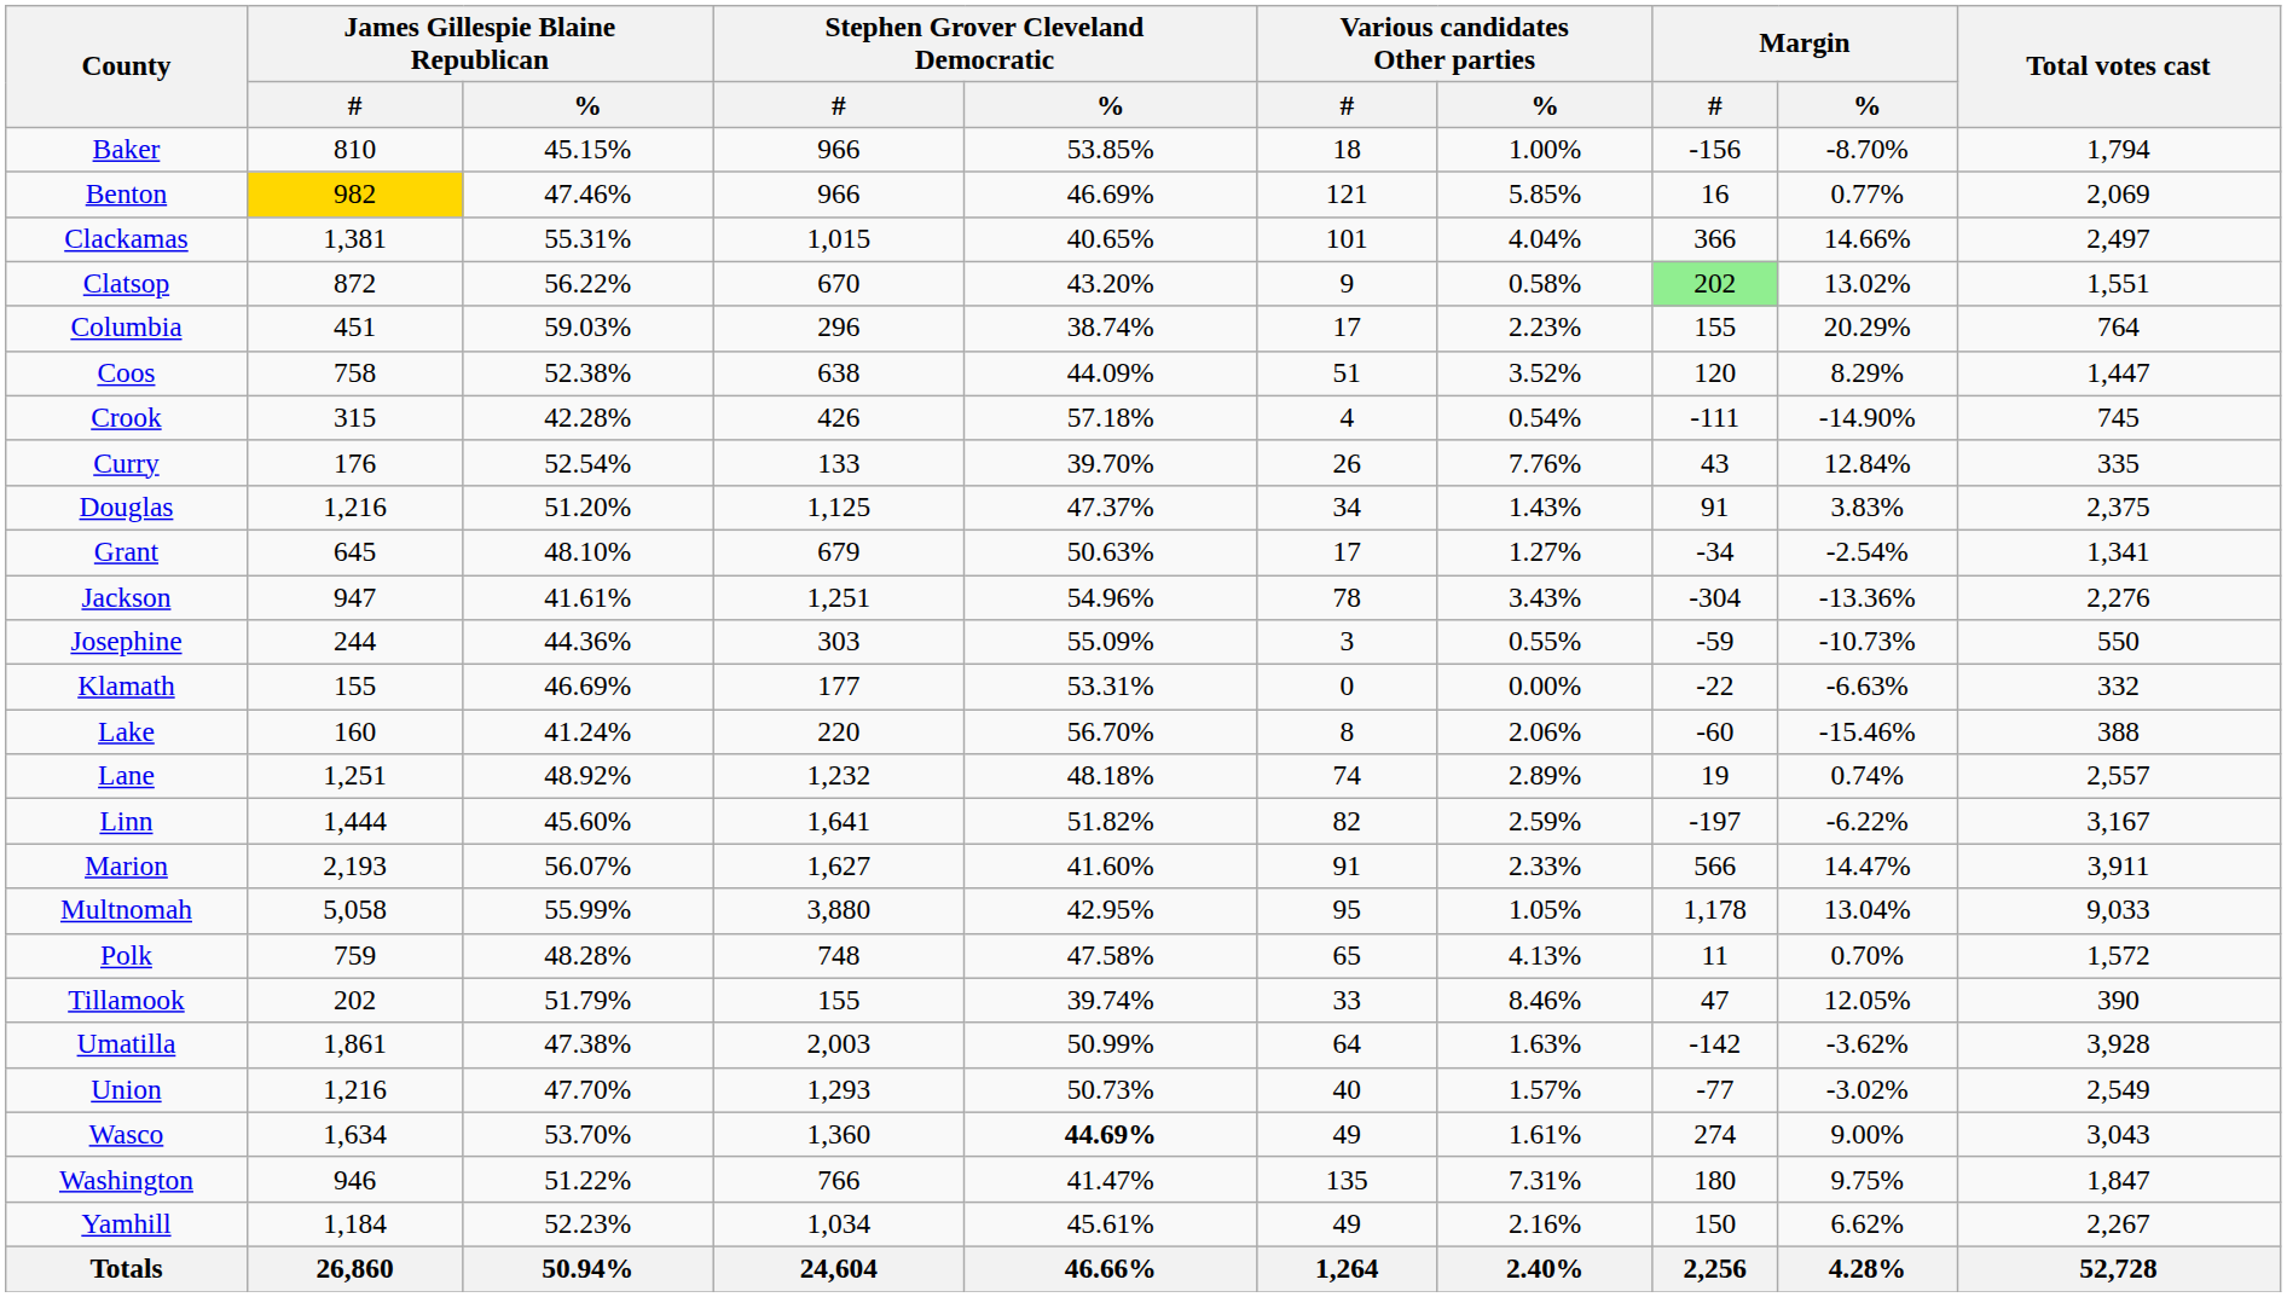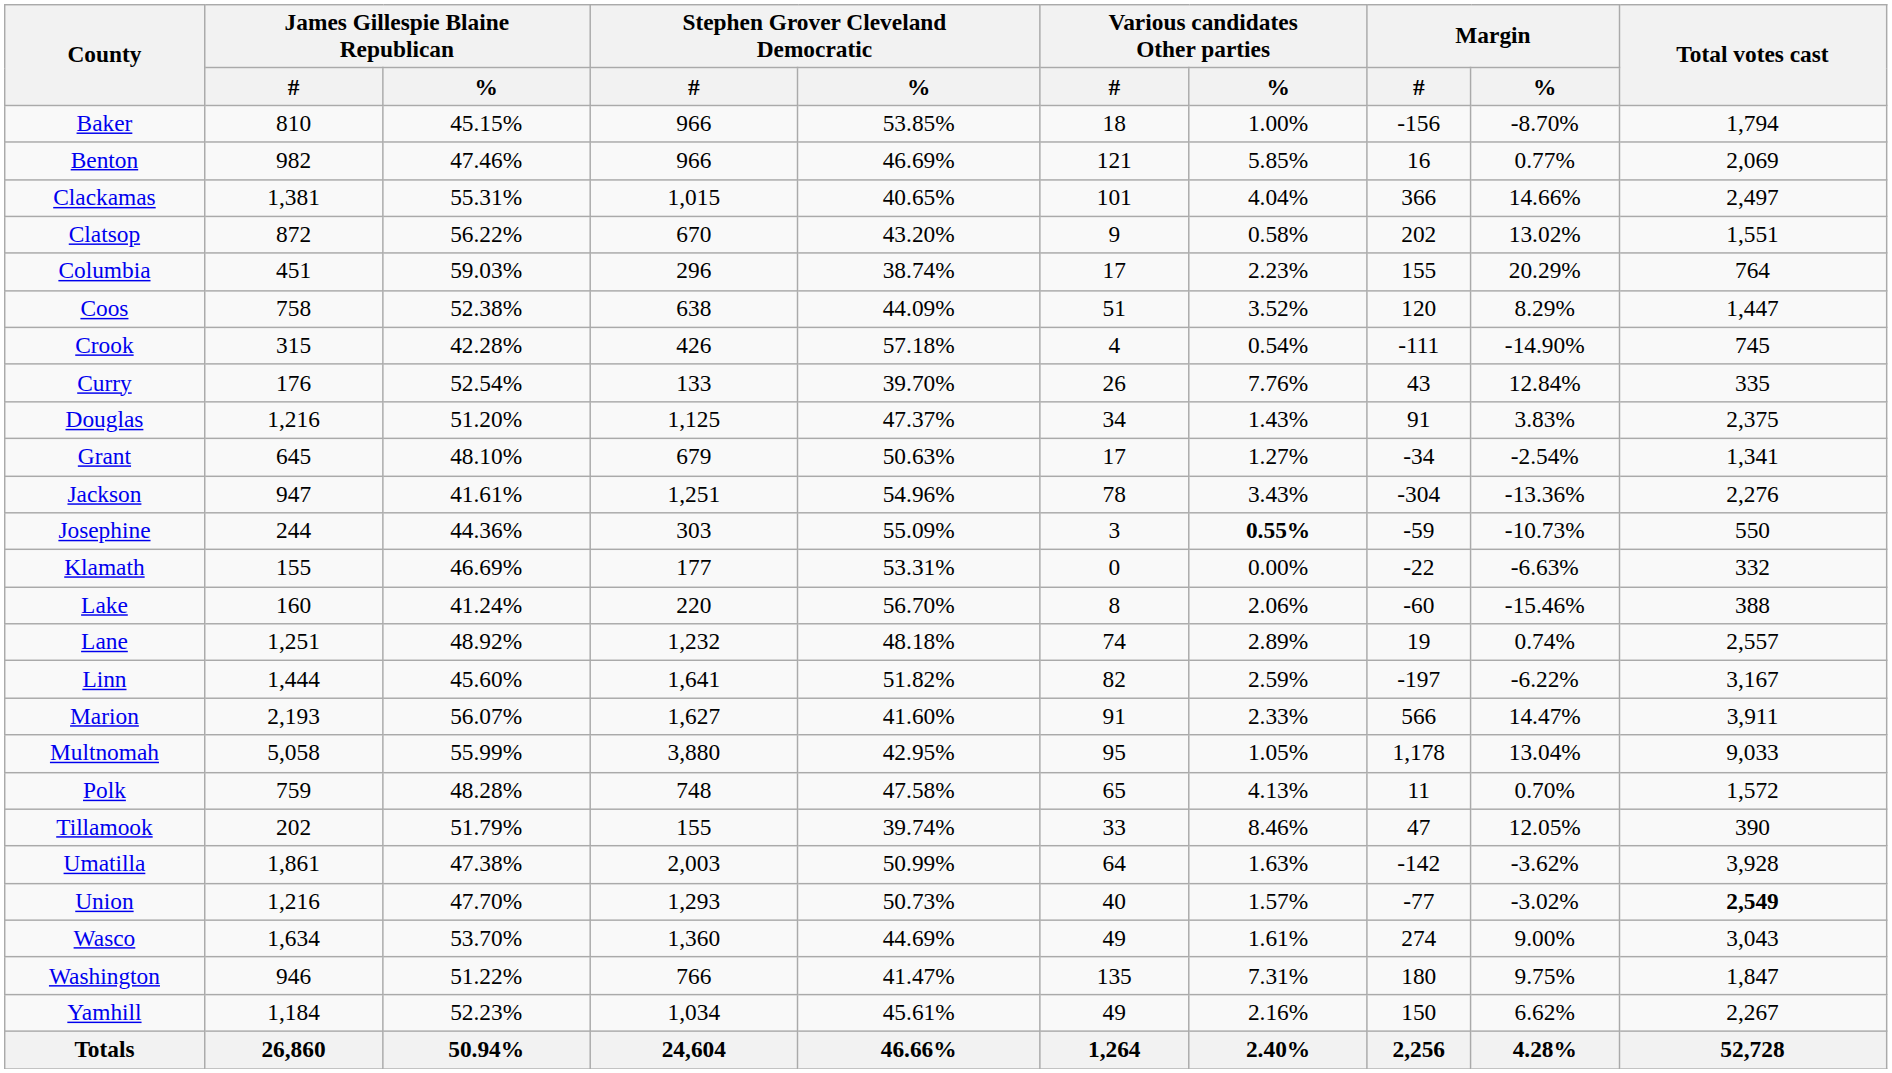 <table width="65%"  class="wikitable sortable" style="text-align:center">
 <tr>
 <th colspan="1" rowspan="2">County</th>
 <th style="text-align:center;" colspan="2">James Gillespie Blaine<br>Republican</th>
 <th style="text-align:center;" colspan="2">Stephen Grover Cleveland<br>Democratic</th>
 <th style="text-align:center;" colspan="2">Various candidates<br>Other parties</th>
 <th style="text-align:center;" colspan="2">Margin</th>
 <th colspan="1" rowspan="2" style="text-align:center;">Total votes cast</th>
 </tr>
 <tr>
 <th style="text-align:center;" data-sort-type="number">#</th>
 <th style="text-align:center;" data-sort-type="number">%</th>
 <th style="text-align:center;" data-sort-type="number">#</th>
 <th style="text-align:center;" data-sort-type="number">%</th>
 <th style="text-align:center;" data-sort-type="number">#</th>
 <th style="text-align:center;" data-sort-type="number">%</th>
 <th style="text-align:center;" data-sort-type="number">#</th>
 <th style="text-align:center;" data-sort-type="number">%</th>
 </tr>
 <tr style="text-align:center;">
 <td><a href='#'>Baker</a></td>
 <td>810</td>
 <td>45.15%</td>
 <td>966</td>
 <td>53.85%</td>
 <td>18</td>
 <td>1.00%</td>
 <td>-156</td>
 <td>-8.70%</td>
 <td>1,794</td>
 </tr>
 <tr style="text-align:center;">
 <td><a href='#'>Benton</a></td>
-<td style="background: gold;">982</td>
+<td>982</td>
 <td>47.46%</td>
 <td>966</td>
 <td>46.69%</td>
 <td>121</td>
 <td>5.85%</td>
 <td>16</td>
 <td>0.77%</td>
 <td>2,069</td>
 </tr>
 <tr style="text-align:center;">
 <td><a href='#'>Clackamas</a></td>
 <td>1,381</td>
 <td>55.31%</td>
 <td>1,015</td>
 <td>40.65%</td>
 <td>101</td>
 <td>4.04%</td>
 <td>366</td>
 <td>14.66%</td>
 <td>2,497</td>
 </tr>
 <tr style="text-align:center;">
 <td><a href='#'>Clatsop</a></td>
 <td>872</td>
 <td>56.22%</td>
 <td>670</td>
 <td>43.20%</td>
 <td>9</td>
 <td>0.58%</td>
-<td style="background: lightgreen;">202</td>
+<td>202</td>
 <td>13.02%</td>
 <td>1,551</td>
 </tr>
 <tr style="text-align:center;">
 <td><a href='#'>Columbia</a></td>
 <td>451</td>
 <td>59.03%</td>
 <td>296</td>
 <td>38.74%</td>
 <td>17</td>
 <td>2.23%</td>
 <td>155</td>
 <td>20.29%</td>
 <td>764</td>
 </tr>
 <tr style="text-align:center;">
 <td><a href='#'>Coos</a></td>
 <td>758</td>
 <td>52.38%</td>
 <td>638</td>
 <td>44.09%</td>
 <td>51</td>
 <td>3.52%</td>
 <td>120</td>
 <td>8.29%</td>
 <td>1,447</td>
 </tr>
 <tr style="text-align:center;">
 <td><a href='#'>Crook</a></td>
 <td>315</td>
 <td>42.28%</td>
 <td>426</td>
 <td>57.18%</td>
 <td>4</td>
 <td>0.54%</td>
 <td>-111</td>
 <td>-14.90%</td>
 <td>745</td>
 </tr>
 <tr style="text-align:center;">
 <td><a href='#'>Curry</a></td>
 <td>176</td>
 <td>52.54%</td>
 <td>133</td>
 <td>39.70%</td>
 <td>26</td>
 <td>7.76%</td>
 <td>43</td>
 <td>12.84%</td>
 <td>335</td>
 </tr>
 <tr style="text-align:center;">
 <td><a href='#'>Douglas</a></td>
 <td>1,216</td>
 <td>51.20%</td>
 <td>1,125</td>
 <td>47.37%</td>
 <td>34</td>
 <td>1.43%</td>
 <td>91</td>
 <td>3.83%</td>
 <td>2,375</td>
 </tr>
 <tr style="text-align:center;">
 <td><a href='#'>Grant</a></td>
 <td>645</td>
 <td>48.10%</td>
 <td>679</td>
 <td>50.63%</td>
 <td>17</td>
 <td>1.27%</td>
 <td>-34</td>
 <td>-2.54%</td>
 <td>1,341</td>
 </tr>
 <tr style="text-align:center;">
 <td><a href='#'>Jackson</a></td>
 <td>947</td>
 <td>41.61%</td>
 <td>1,251</td>
 <td>54.96%</td>
 <td>78</td>
 <td>3.43%</td>
 <td>-304</td>
 <td>-13.36%</td>
 <td>2,276</td>
 </tr>
 <tr style="text-align:center;">
 <td><a href='#'>Josephine</a></td>
 <td>244</td>
 <td>44.36%</td>
 <td>303</td>
 <td>55.09%</td>
 <td>3</td>
-<td>0.55%</td>
+<td><strong>0.55%</strong></td>
 <td>-59</td>
 <td>-10.73%</td>
 <td>550</td>
 </tr>
 <tr style="text-align:center;">
 <td><a href='#'>Klamath</a></td>
 <td>155</td>
 <td>46.69%</td>
 <td>177</td>
 <td>53.31%</td>
 <td>0</td>
 <td>0.00%</td>
 <td>-22</td>
 <td>-6.63%</td>
 <td>332</td>
 </tr>
 <tr style="text-align:center;">
 <td><a href='#'>Lake</a></td>
 <td>160</td>
 <td>41.24%</td>
 <td>220</td>
 <td>56.70%</td>
 <td>8</td>
 <td>2.06%</td>
 <td>-60</td>
 <td>-15.46%</td>
 <td>388</td>
 </tr>
 <tr style="text-align:center;">
 <td><a href='#'>Lane</a></td>
 <td>1,251</td>
 <td>48.92%</td>
 <td>1,232</td>
 <td>48.18%</td>
 <td>74</td>
 <td>2.89%</td>
 <td>19</td>
 <td>0.74%</td>
 <td>2,557</td>
 </tr>
 <tr style="text-align:center;">
 <td><a href='#'>Linn</a></td>
 <td>1,444</td>
 <td>45.60%</td>
 <td>1,641</td>
 <td>51.82%</td>
 <td>82</td>
 <td>2.59%</td>
 <td>-197</td>
 <td>-6.22%</td>
 <td>3,167</td>
 </tr>
 <tr style="text-align:center;">
 <td><a href='#'>Marion</a></td>
 <td>2,193</td>
 <td>56.07%</td>
 <td>1,627</td>
 <td>41.60%</td>
 <td>91</td>
 <td>2.33%</td>
 <td>566</td>
 <td>14.47%</td>
 <td>3,911</td>
 </tr>
 <tr style="text-align:center;">
 <td><a href='#'>Multnomah</a></td>
 <td>5,058</td>
 <td>55.99%</td>
 <td>3,880</td>
 <td>42.95%</td>
 <td>95</td>
 <td>1.05%</td>
 <td>1,178</td>
 <td>13.04%</td>
 <td>9,033</td>
 </tr>
 <tr style="text-align:center;">
 <td><a href='#'>Polk</a></td>
 <td>759</td>
 <td>48.28%</td>
 <td>748</td>
 <td>47.58%</td>
 <td>65</td>
 <td>4.13%</td>
 <td>11</td>
 <td>0.70%</td>
 <td>1,572</td>
 </tr>
 <tr style="text-align:center;">
 <td><a href='#'>Tillamook</a></td>
 <td>202</td>
 <td>51.79%</td>
 <td>155</td>
 <td>39.74%</td>
 <td>33</td>
 <td>8.46%</td>
 <td>47</td>
 <td>12.05%</td>
 <td>390</td>
 </tr>
 <tr style="text-align:center;">
 <td><a href='#'>Umatilla</a></td>
 <td>1,861</td>
 <td>47.38%</td>
 <td>2,003</td>
 <td>50.99%</td>
 <td>64</td>
 <td>1.63%</td>
 <td>-142</td>
 <td>-3.62%</td>
 <td>3,928</td>
 </tr>
 <tr style="text-align:center;">
 <td><a href='#'>Union</a></td>
 <td>1,216</td>
 <td>47.70%</td>
 <td>1,293</td>
 <td>50.73%</td>
 <td>40</td>
 <td>1.57%</td>
 <td>-77</td>
 <td>-3.02%</td>
-<td>2,549</td>
+<td><strong>2,549</strong></td>
 </tr>
 <tr style="text-align:center;">
 <td><a href='#'>Wasco</a></td>
 <td>1,634</td>
 <td>53.70%</td>
 <td>1,360</td>
-<td><strong>44.69%</strong></td>
+<td>44.69%</td>
 <td>49</td>
 <td>1.61%</td>
 <td>274</td>
 <td>9.00%</td>
 <td>3,043</td>
 </tr>
 <tr style="text-align:center;">
 <td><a href='#'>Washington</a></td>
 <td>946</td>
 <td>51.22%</td>
 <td>766</td>
 <td>41.47%</td>
 <td>135</td>
 <td>7.31%</td>
 <td>180</td>
 <td>9.75%</td>
 <td>1,847</td>
 </tr>
 <tr style="text-align:center;">
 <td><a href='#'>Yamhill</a></td>
 <td>1,184</td>
 <td>52.23%</td>
 <td>1,034</td>
 <td>45.61%</td>
 <td>49</td>
 <td>2.16%</td>
 <td>150</td>
 <td>6.62%</td>
 <td>2,267</td>
 </tr>
 <tr style="text-align:center;">
 <th>Totals</th>
 <th>26,860</th>
 <th>50.94%</th>
 <th>24,604</th>
 <th>46.66%</th>
 <th>1,264</th>
 <th>2.40%</th>
 <th>2,256</th>
 <th>4.28%</th>
 <th>52,728</th>
 </tr>
 </table>
